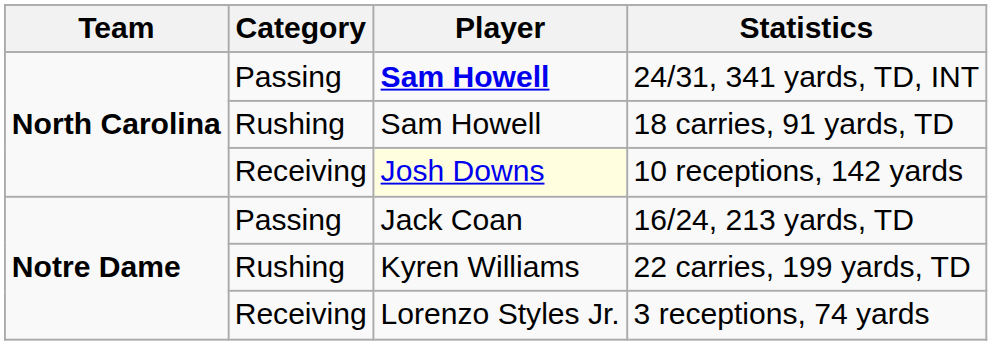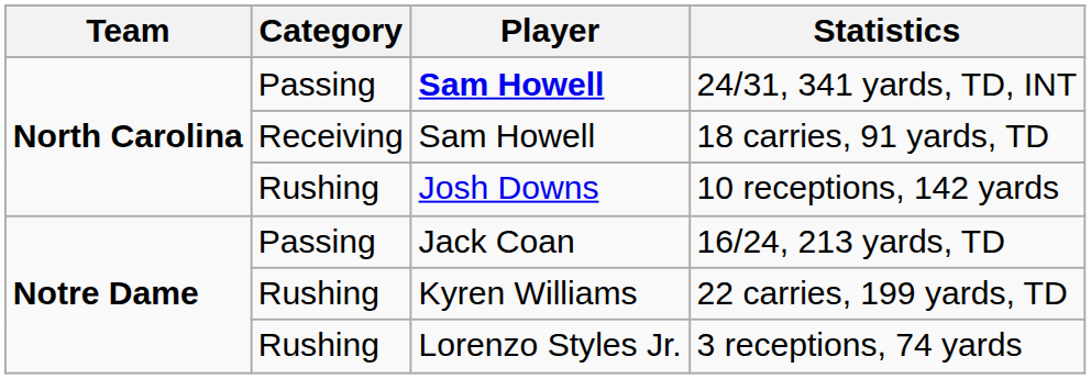 <table class="wikitable" style="float: left;">
 <tr>
 <th>Team</th>
 <th>Category</th>
 <th>Player</th>
 <th>Statistics</th>
 </tr>
 <tr>
 <td rowspan=3><strong>North Carolina</strong></td>
 <td>Passing</td>
 <td><strong><a href='#'>Sam Howell</a></strong></td>
 <td>24/31, 341 yards, TD, INT</td>
 </tr>
 <tr>
-<td>Rushing</td>
+<td>Receiving</td>
 <td>Sam Howell</td>
 <td>18 carries, 91 yards, TD</td>
 </tr>
 <tr>
-<td>Receiving</td>
-<td style="background: lightyellow;"><a href='#'>Josh Downs</a></td>
+<td>Rushing</td>
+<td><a href='#'>Josh Downs</a></td>
 <td>10 receptions, 142 yards</td>
 </tr>
 <tr>
 <td rowspan=3><strong>Notre Dame</strong></td>
 <td>Passing</td>
 <td>Jack Coan</td>
 <td>16/24, 213 yards, TD</td>
 </tr>
 <tr>
 <td>Rushing</td>
 <td>Kyren Williams</td>
 <td>22 carries, 199 yards, TD</td>
 </tr>
 <tr>
-<td>Receiving</td>
+<td>Rushing</td>
 <td>Lorenzo Styles Jr.</td>
 <td>3 receptions, 74 yards</td>
 </tr>
 </table>
